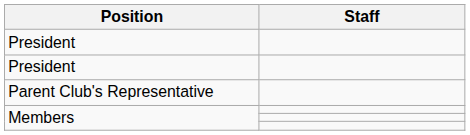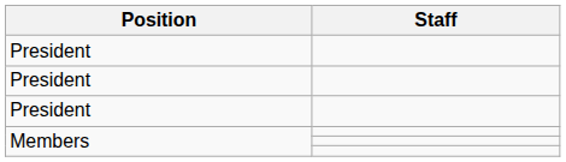 <table class="wikitable" style="text-align: left">
 <tr>
 <th width=250>Position</th>
 <th width=200>Staff</th>
 </tr>
 <tr>
 <td>President</td>
 <td></td>
 </tr>
 <tr>
 <td>President</td>
 <td></td>
 </tr>
 <tr>
-<td>Parent Club's Representative</td>
+<td>President</td>
 <td></td>
 </tr>
 <tr>
 <td rowspan=3>Members</td>
 <td></td>
 </tr>
 <tr>
 <td></td>
 </tr>
 <tr>
 <td></td>
 </tr>
 </table>
